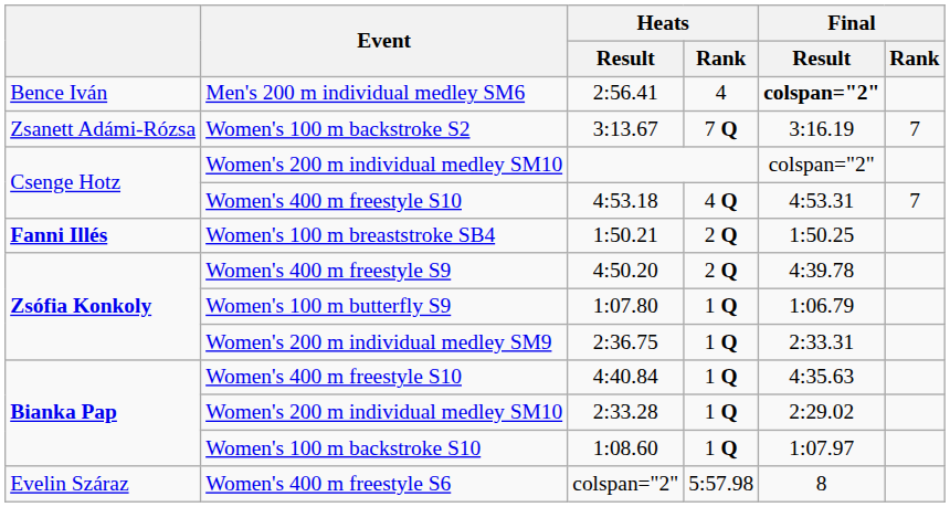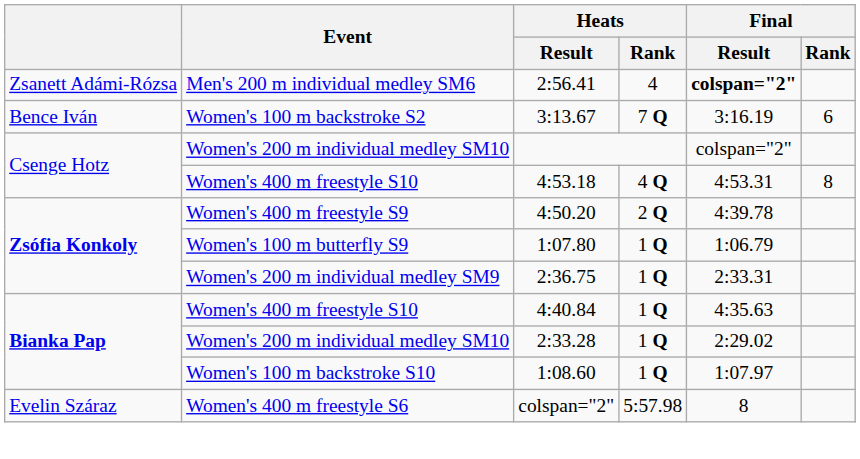 <table class="wikitable" style="font-size:90%">
 <tr>
 <th rowspan="2"></th>
 <th rowspan="2">Event</th>
 <th colspan="2">Heats</th>
 <th colspan="2">Final</th>
 </tr>
 <tr>
 <th>Result</th>
 <th>Rank</th>
 <th>Result</th>
 <th>Rank</th>
 </tr>
 <tr align="center">
-<td align="left"><a href='#'>Bence Iván</a></td>
+<td align="left"><a href='#'>Zsanett Adámi-Rózsa</a></td>
 <td align="left"><a href='#'>Men's 200 m individual medley SM6</a></td>
 <td>2:56.41</td>
 <td>4</td>
 <td><strong>colspan="2" </strong></td>
 </tr>
 <tr align="center">
-<td align="left"><a href='#'>Zsanett Adámi-Rózsa</a></td>
+<td align="left"><a href='#'>Bence Iván</a></td>
 <td align="left"><a href='#'>Women's 100 m backstroke S2</a></td>
 <td>3:13.67</td>
 <td>7 <strong>Q</strong></td>
 <td>3:16.19</td>
-<td>7</td>
+<td>6</td>
 </tr>
 <tr align="center">
 <td rowspan="2" align="left"><a href='#'>Csenge Hotz</a></td>
 <td align="left"><a href='#'>Women's 200 m individual medley SM10</a></td>
 <td colspan="2"></td>
 <td>colspan="2" </td>
 </tr>
 <tr align="center">
 <td align="left"><a href='#'>Women's 400 m freestyle S10</a></td>
 <td>4:53.18</td>
 <td>4 <strong>Q</strong></td>
 <td>4:53.31</td>
-<td>7</td>
-</tr>
-<tr align="center">
-<td align="left"><strong><a href='#'>Fanni Illés</a></strong></td>
-<td align="left"><a href='#'>Women's 100 m breaststroke SB4</a></td>
-<td>1:50.21</td>
-<td>2 <strong>Q</strong></td>
-<td>1:50.25</td>
-<td></td>
+<td>8</td>
 </tr>
 <tr align="center">
 <td rowspan="3" align="left"><strong><a href='#'>Zsófia Konkoly</a></strong></td>
 <td align="left"><a href='#'>Women's 400 m freestyle S9</a></td>
 <td>4:50.20</td>
 <td>2 <strong>Q</strong></td>
 <td>4:39.78</td>
 <td></td>
 </tr>
 <tr align="center">
 <td align="left"><a href='#'>Women's 100 m butterfly S9</a></td>
 <td>1:07.80</td>
 <td>1 <strong>Q</strong></td>
 <td>1:06.79</td>
 <td></td>
 </tr>
 <tr align="center">
 <td align="left"><a href='#'>Women's 200 m individual medley SM9</a></td>
 <td>2:36.75</td>
 <td>1 <strong>Q</strong></td>
 <td>2:33.31</td>
 <td></td>
 </tr>
 <tr align="center">
 <td rowspan="3" align="left"><strong><a href='#'>Bianka Pap</a></strong></td>
 <td align="left"><a href='#'>Women's 400 m freestyle S10</a></td>
 <td>4:40.84</td>
 <td>1 <strong>Q</strong></td>
 <td>4:35.63</td>
 <td></td>
 </tr>
 <tr align="center">
 <td align="left"><a href='#'>Women's 200 m individual medley SM10</a></td>
 <td>2:33.28</td>
 <td>1 <strong>Q</strong></td>
 <td>2:29.02</td>
 <td></td>
 </tr>
 <tr align="center">
 <td align="left"><a href='#'>Women's 100 m backstroke S10</a></td>
 <td>1:08.60</td>
 <td>1 <strong>Q</strong></td>
 <td>1:07.97</td>
 <td></td>
 </tr>
 <tr align="center">
 <td align="left"><a href='#'>Evelin Száraz</a></td>
 <td align="left"><a href='#'>Women's 400 m freestyle S6</a></td>
 <td>colspan="2" </td>
 <td>5:57.98</td>
 <td>8</td>
 </tr>
 </table>
